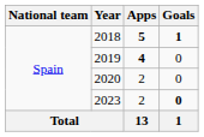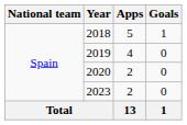 <table class=wikitable style=text-align:center>
 <tr>
 <th>National team</th>
 <th>Year</th>
 <th>Apps</th>
 <th>Goals</th>
 </tr>
 <tr>
 <td rowspan=4><a href='#'>Spain</a></td>
 <td>2018</td>
-<td><strong>5</strong></td>
-<td><strong>1</strong></td>
+<td>5</td>
+<td>1</td>
 </tr>
 <tr>
 <td>2019</td>
-<td><strong>4</strong></td>
+<td>4</td>
 <td>0</td>
 </tr>
 <tr>
 <td>2020</td>
 <td>2</td>
 <td>0</td>
 </tr>
 <tr>
 <td>2023</td>
 <td>2</td>
-<td><strong>0</strong></td>
+<td>0</td>
 </tr>
 <tr>
 <th colspan=2>Total</th>
 <th>13</th>
 <th>1</th>
 </tr>
 </table>
